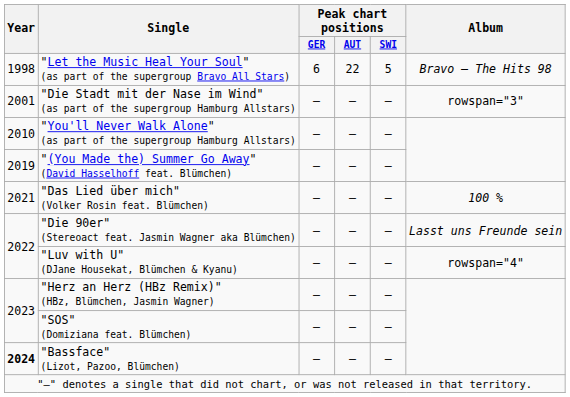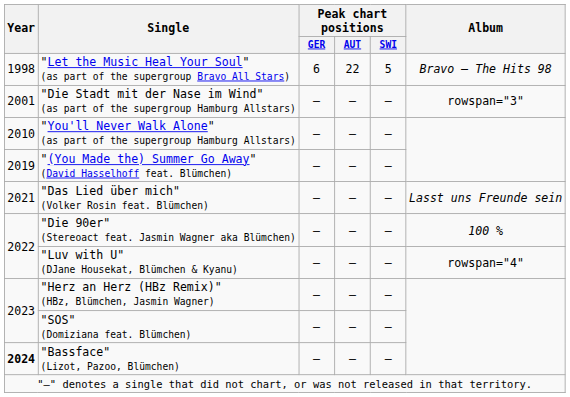 <table class="wikitable" style="text-align:center;">
 <tr>
 <th rowspan="2">Year</th>
 <th rowspan="2">Single</th>
 <th colspan="3">Peak chart positions</th>
 <th rowspan="2">Album</th>
 </tr>
 <tr style="font-size:smaller;">
 <th width="35"><a href='#'>GER</a><br></th>
 <th width="35"><a href='#'>AUT</a><br></th>
 <th width="35"><a href='#'>SWI</a><br></th>
 </tr>
 <tr>
 <td>1998</td>
 <td style="text-align:left;">"<a href='#'>Let the Music Heal Your Soul</a>"<br><small>(as part of the supergroup <a href='#'>Bravo All Stars</a>)</small></td>
 <td>6</td>
 <td>22</td>
 <td>5</td>
 <td><em>Bravo – The Hits 98</em></td>
 </tr>
 <tr>
 <td>2001</td>
 <td style="text-align:left;">"Die Stadt mit der Nase im Wind"<br><small>(as part of the supergroup Hamburg Allstars)</small></td>
 <td>—</td>
 <td>—</td>
 <td>—</td>
 <td>rowspan="3" </td>
 </tr>
 <tr>
 <td>2010</td>
 <td style="text-align:left;">"<a href='#'>You'll Never Walk Alone</a>"<br><small>(as part of the supergroup Hamburg Allstars)</small></td>
 <td>—</td>
 <td>—</td>
 <td>—</td>
 </tr>
 <tr>
 <td>2019</td>
 <td style="text-align:left;">"<a href='#'>(You Made the) Summer Go Away</a>"<br><small>(<a href='#'>David Hasselhoff</a> feat. Blümchen)</small></td>
 <td>—</td>
 <td>—</td>
 <td>—</td>
 </tr>
 <tr>
 <td>2021</td>
 <td style="text-align:left;">"Das Lied über mich"<br><small>(Volker Rosin feat. Blümchen)</small></td>
 <td>—</td>
 <td>—</td>
 <td>—</td>
-<td><em>100 %</em></td>
+<td><em>Lasst uns Freunde sein</em></td>
 </tr>
 <tr>
 <td rowspan="2">2022</td>
 <td style="text-align:left;">"Die 90er"<br><small>(Stereoact feat. Jasmin Wagner aka Blümchen)</small></td>
 <td>—</td>
 <td>—</td>
 <td>—</td>
-<td><em>Lasst uns Freunde sein</em></td>
+<td><em>100 %</em></td>
 </tr>
 <tr>
 <td style="text-align:left;">"Luv with U"<br><small>(DJane Housekat, Blümchen & Kyanu)</small></td>
 <td>—</td>
 <td>—</td>
 <td>—</td>
 <td>rowspan="4" </td>
 </tr>
 <tr>
 <td rowspan="2">2023</td>
 <td style="text-align:left;">"Herz an Herz (HBz Remix)"<br><small>(HBz, Blümchen, Jasmin Wagner)</small></td>
 <td>—</td>
 <td>—</td>
 <td>—</td>
 </tr>
 <tr>
 <td style="text-align:left;">"SOS"<br><small>(Domiziana feat. Blümchen)</small></td>
 <td>—</td>
 <td>—</td>
 <td>—</td>
 </tr>
 <tr>
 <td><strong>2024</strong></td>
 <td style="text-align:left;">"Bassface"<br><small>(Lizot, Pazoo, Blümchen)</small></td>
 <td>—</td>
 <td>—</td>
 <td>—</td>
 </tr>
 <tr>
 <td colspan="12" style="font-size:90%">"—" denotes a single that did not chart, or was not released in that territory.</td>
 </tr>
 </table>
